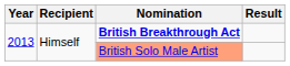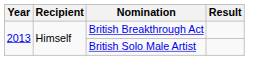 <table class="wikitable">
 <tr>
 <th>Year</th>
 <th>Recipient</th>
 <th>Nomination</th>
 <th>Result</th>
 </tr>
 <tr>
 <td rowspan="2"><a href='#'>2013</a></td>
 <td rowspan="2">Himself</td>
-<td><strong><a href='#'>British Breakthrough Act</a></strong></td>
+<td><a href='#'>British Breakthrough Act</a></td>
 <td></td>
 </tr>
 <tr>
-<td style="background: lightsalmon;"><a href='#'>British Solo Male Artist</a></td>
+<td><a href='#'>British Solo Male Artist</a></td>
 <td></td>
 </tr>
 </table>
